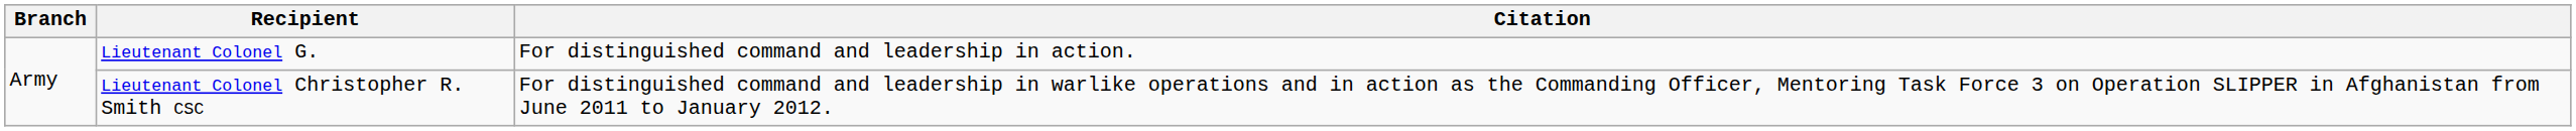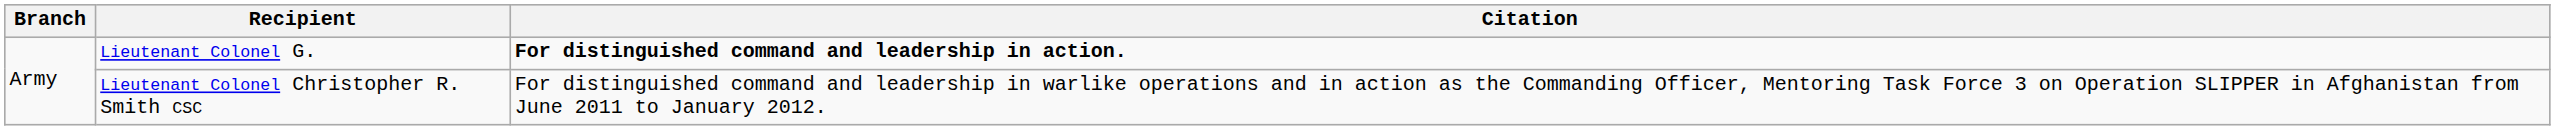 <table class="wikitable" style="font-size:95%;">
 <tr>
 <th scope="col" width="50">Branch</th>
 <th scope="col" width="250">Recipient</th>
 <th>Citation</th>
 </tr>
 <tr>
 <td rowspan="4">Army</td>
 <td><small><a href='#'>Lieutenant Colonel</a></small> G.</td>
-<td>For distinguished command and leadership in action.</td>
+<td><strong>For distinguished command and leadership in action.</strong></td>
 </tr>
 <tr>
 <td><small><a href='#'>Lieutenant Colonel</a></small> Christopher R. Smith <small>CSC</small></td>
 <td>For distinguished command and leadership in warlike operations and in action as the Commanding Officer, Mentoring Task Force 3 on Operation SLIPPER in Afghanistan from June 2011 to January 2012.</td>
 </tr>
 </table>
